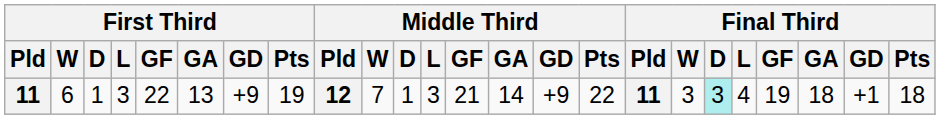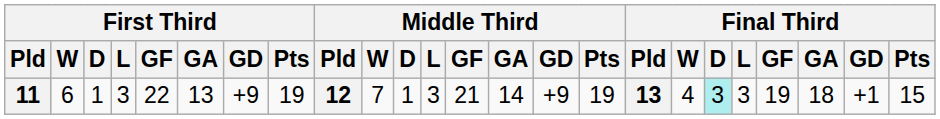 <table class="wikitable plainrowheaders" style="text-align:center">
 <tr>
 <th scope=col colspan=8>First Third</th>
 <th scope=col colspan=8>Middle Third</th>
 <th scope=col colspan=8>Final Third</th>
 </tr>
 <tr>
 <th scope=col>Pld</th>
 <th scope=col>W</th>
 <th scope=col>D</th>
 <th scope=col>L</th>
 <th scope=col>GF</th>
 <th scope=col>GA</th>
 <th scope=col>GD</th>
 <th scope=col>Pts</th>
 <th scope=col>Pld</th>
 <th scope=col>W</th>
 <th scope=col>D</th>
 <th scope=col>L</th>
 <th scope=col>GF</th>
 <th scope=col>GA</th>
 <th scope=col>GD</th>
 <th scope=col>Pts</th>
 <th scope=col>Pld</th>
 <th scope=col>W</th>
 <th scope=col>D</th>
 <th scope=col>L</th>
 <th scope=col>GF</th>
 <th scope=col>GA</th>
 <th scope=col>GD</th>
 <th scope=col>Pts</th>
 </tr>
 <tr>
 <th>11</th>
 <td>6</td>
 <td>1</td>
 <td>3</td>
 <td>22</td>
 <td>13</td>
 <td>+9</td>
 <td>19</td>
 <th>12</th>
 <td>7</td>
 <td>1</td>
 <td>3</td>
 <td>21</td>
 <td>14</td>
 <td>+9</td>
-<td>22</td>
-<th>11</th>
+<td>19</td>
+<th>13</th>
+<td>4</td>
+<td style="background: paleturquoise;">3</td>
 <td>3</td>
-<td style="background: paleturquoise;">3</td>
-<td>4</td>
 <td>19</td>
 <td>18</td>
 <td>+1</td>
-<td>18</td>
+<td>15</td>
 </tr>
 </table>
